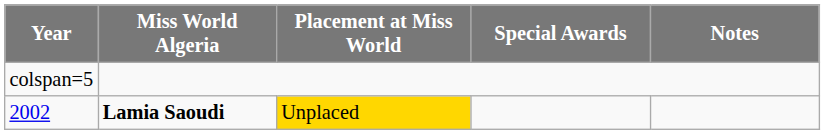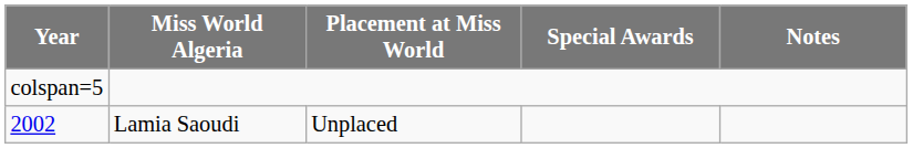 <table class="wikitable " style="font-size: 95%;">
 <tr>
 <th width="60" style="background-color:#787878;color:#FFFFFF;">Year</th>
 <th width="250" style="background-color:#787878;color:#FFFFFF;">Miss World Algeria</th>
 <th width="250" style="background-color:#787878;color:#FFFFFF;">Placement at Miss World</th>
 <th width="250" style="background-color:#787878;color:#FFFFFF;">Special Awards</th>
 <th width="250" style="background-color:#787878;color:#FFFFFF;">Notes</th>
 </tr>
 <tr>
 <td>colspan=5 </td>
 </tr>
 <tr>
 <td><a href='#'>2002</a></td>
-<td><strong>Lamia Saoudi</strong></td>
-<td style="background: gold;">Unplaced</td>
+<td>Lamia Saoudi</td>
+<td>Unplaced</td>
 <td></td>
 <td></td>
 </tr>
 </table>
